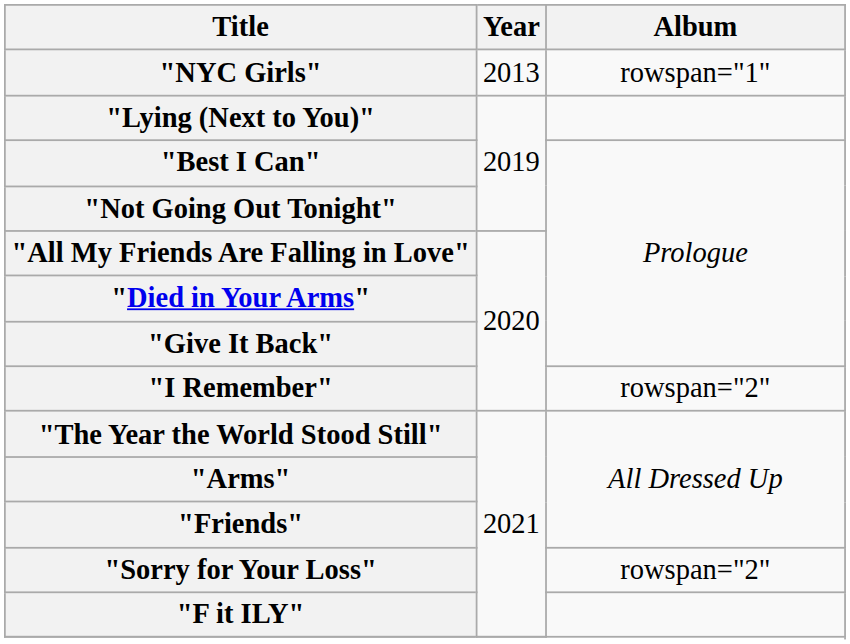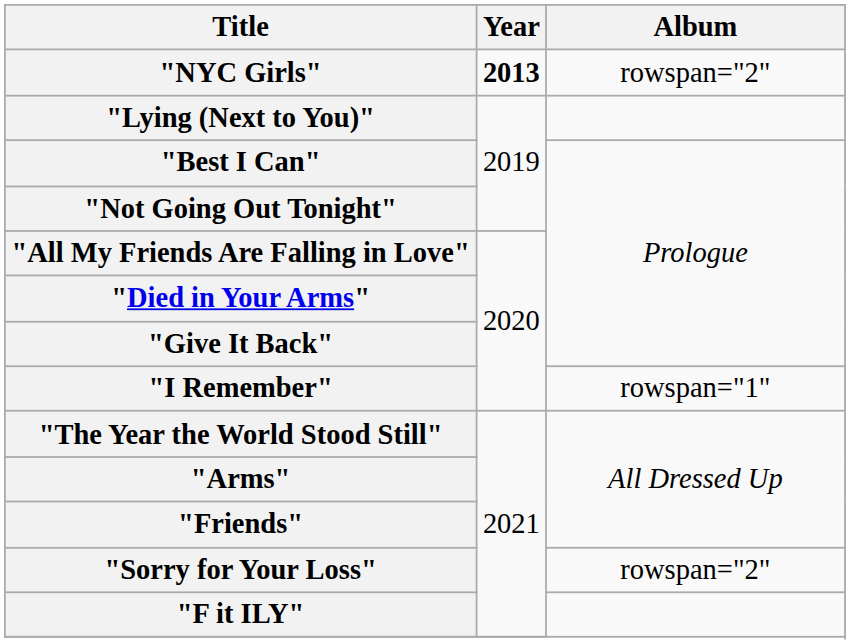 <table class="wikitable plainrowheaders" style="text-align: center">
 <tr>
 <th scope="col">Title</th>
 <th scope="col">Year</th>
 <th scope="col" style="width:160px;">Album</th>
 </tr>
 <tr>
 <th scope="row">"NYC Girls"<br></th>
-<td rowspan="1">2013</td>
-<td>rowspan="1" </td>
+<td rowspan="1"><strong>2013</strong></td>
+<td>rowspan="2" </td>
 </tr>
 <tr>
 <th scope="row">"Lying (Next to You)"<br></th>
 <td rowspan="3">2019</td>
 </tr>
 <tr>
 <th scope="row">"Best I Can"</th>
 <td rowspan="5"><em>Prologue</em></td>
 </tr>
 <tr>
 <th scope="row">"Not Going Out Tonight"</th>
 </tr>
 <tr>
 <th scope="row">"All My Friends Are Falling in Love"</th>
 <td rowspan="4">2020</td>
 </tr>
 <tr>
 <th scope="row">"<a href='#'>Died in Your Arms</a>"</th>
 </tr>
 <tr>
 <th scope="row">"Give It Back"</th>
 </tr>
 <tr>
 <th scope="row">"I Remember"<br></th>
-<td>rowspan="2" </td>
+<td>rowspan="1" </td>
 </tr>
 <tr>
 <th scope="row">"The Year the World Stood Still"</th>
 <td rowspan="5”">2021</td>
 <td rowspan="3"><em>All Dressed Up</em></td>
 </tr>
 <tr>
 <th scope="row">"Arms"</th>
 </tr>
 <tr>
 <th scope="row">"Friends"</th>
 </tr>
 <tr>
 <th scope="row">"Sorry for Your Loss"</th>
 <td>rowspan="2" </td>
 </tr>
 <tr>
 <th scope="row">"F it ILY" </th>
 </tr>
 <tr>
 </tr>
 </table>
